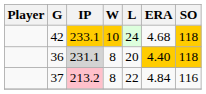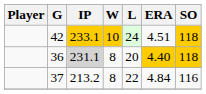 <table class="wikitable sortable">
 <tr>
 <th>Player</th>
 <th>G</th>
 <th>IP</th>
 <th>W</th>
 <th>L</th>
 <th>ERA</th>
 <th>SO</th>
 </tr>
 <tr align="center">
 <td></td>
 <td>42</td>
 <td bgcolor="#FFCC00">233.1</td>
 <td bgcolor="#FFCC00">10</td>
 <td bgcolor="#DDFFDD">24</td>
-<td>4.68</td>
+<td>4.51</td>
 <td bgcolor="#FFCC00">118</td>
 </tr>
 <tr align="center">
 <td></td>
 <td>36</td>
 <td style="background: lightgrey;">231.1</td>
 <td>8</td>
 <td>20</td>
 <td bgcolor="#FFCC00">4.40</td>
 <td bgcolor="#FFCC00">118</td>
 </tr>
 <tr align=center>
 <td></td>
 <td>37</td>
-<td style="background: pink;">213.2</td>
+<td>213.2</td>
 <td>8</td>
 <td>22</td>
 <td>4.84</td>
 <td>116</td>
 </tr>
 <tr align="center">
 </tr>
 </table>
